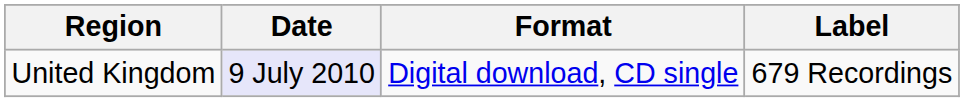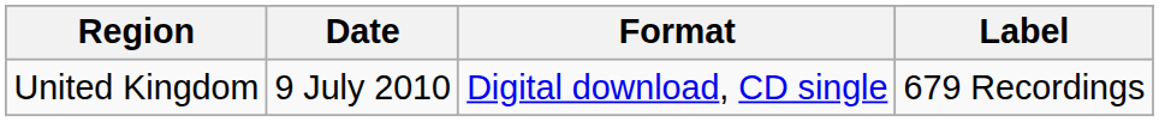 <table class="wikitable">
 <tr>
 <th>Region</th>
 <th>Date</th>
 <th>Format</th>
 <th>Label</th>
 </tr>
 <tr>
 <td rowspan=2>United Kingdom</td>
-<td style="background: lavender;">9 July 2010</td>
+<td>9 July 2010</td>
 <td><a href='#'>Digital download</a>, <a href='#'>CD single</a></td>
 <td>679 Recordings</td>
 </tr>
 </table>
